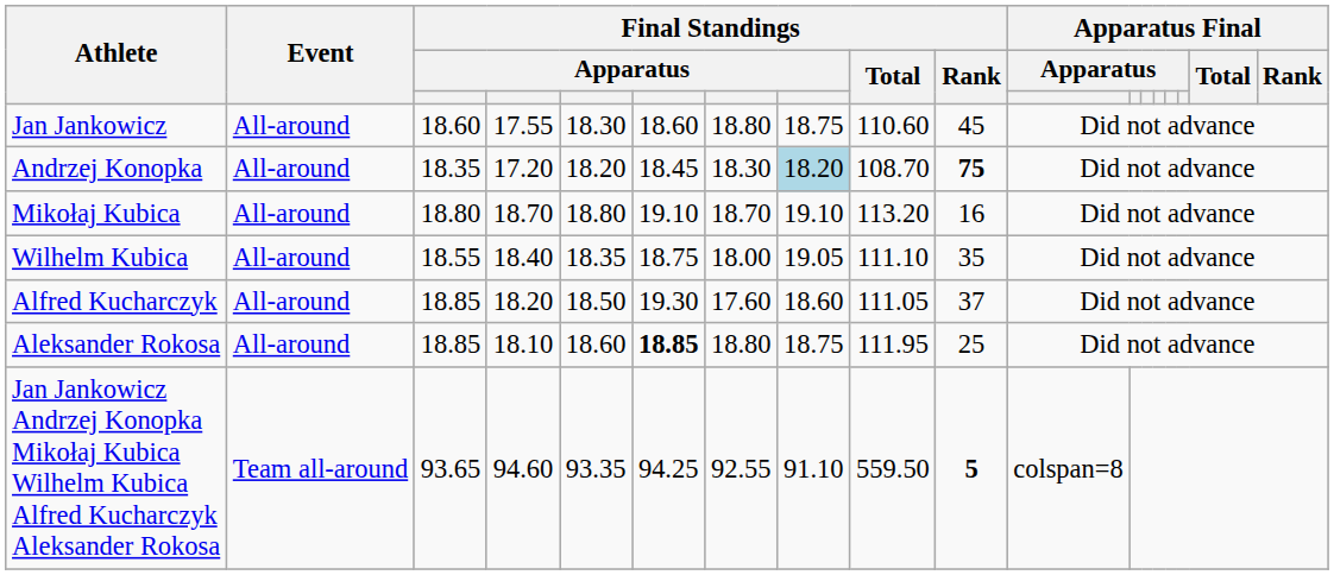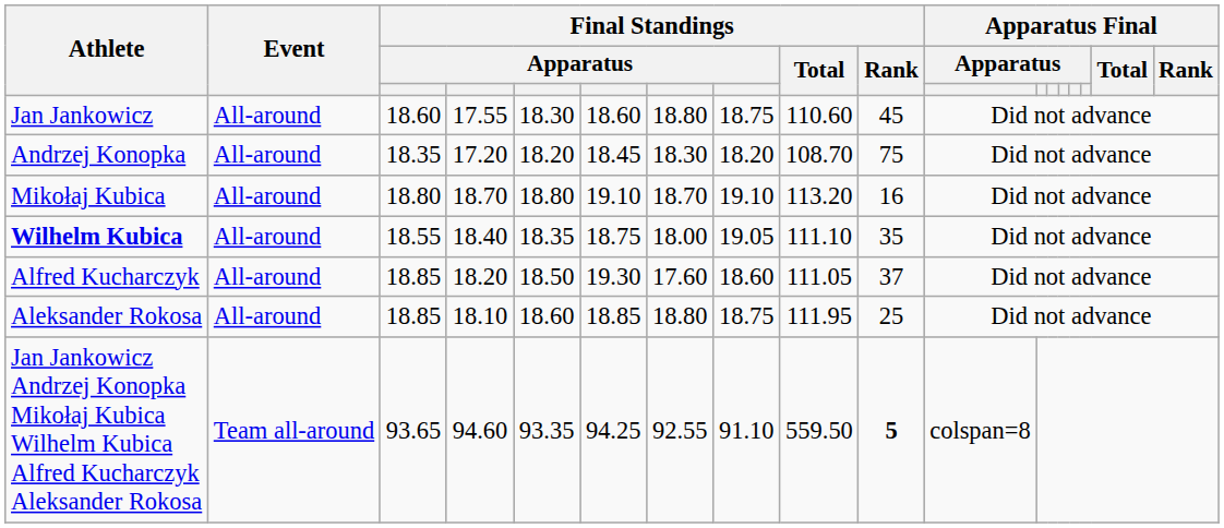 <table class="wikitable" style="font-size:90%">
 <tr>
 <th rowspan=3>Athlete</th>
 <th rowspan=3>Event</th>
 <th colspan =8>Final Standings</th>
 <th colspan =8>Apparatus Final</th>
 </tr>
 <tr style="font-size:95%">
 <th colspan=6>Apparatus</th>
 <th rowspan=2>Total</th>
 <th rowspan=2>Rank</th>
 <th colspan=6>Apparatus</th>
 <th rowspan=2>Total</th>
 <th rowspan=2>Rank</th>
 </tr>
 <tr style="font-size:95%">
 <th></th>
 <th></th>
 <th></th>
 <th></th>
 <th></th>
 <th></th>
 <th></th>
 <th></th>
 <th></th>
 <th></th>
 <th></th>
 <th></th>
 </tr>
 <tr align=center>
 <td align=left><a href='#'>Jan Jankowicz</a></td>
 <td align=left><a href='#'>All-around</a></td>
 <td>18.60</td>
 <td>17.55</td>
 <td>18.30</td>
 <td>18.60</td>
 <td>18.80</td>
 <td>18.75</td>
 <td>110.60</td>
 <td>45</td>
 <td colspan=8>Did not advance</td>
 </tr>
 <tr align=center>
 <td align=left><a href='#'>Andrzej Konopka</a></td>
 <td align=left><a href='#'>All-around</a></td>
 <td>18.35</td>
 <td>17.20</td>
 <td>18.20</td>
 <td>18.45</td>
 <td>18.30</td>
-<td style="background: lightblue;">18.20</td>
+<td>18.20</td>
 <td>108.70</td>
-<td><strong>75</strong></td>
+<td>75</td>
 <td colspan=8>Did not advance</td>
 </tr>
 <tr align=center>
 <td align=left><a href='#'>Mikołaj Kubica</a></td>
 <td align=left><a href='#'>All-around</a></td>
 <td>18.80</td>
 <td>18.70</td>
 <td>18.80</td>
 <td>19.10</td>
 <td>18.70</td>
 <td>19.10</td>
 <td>113.20</td>
 <td>16</td>
 <td colspan=8>Did not advance</td>
 </tr>
 <tr align=center>
-<td align=left><a href='#'>Wilhelm Kubica</a></td>
+<td align=left><strong><a href='#'>Wilhelm Kubica</a></strong></td>
 <td align=left><a href='#'>All-around</a></td>
 <td>18.55</td>
 <td>18.40</td>
 <td>18.35</td>
 <td>18.75</td>
 <td>18.00</td>
 <td>19.05</td>
 <td>111.10</td>
 <td>35</td>
 <td colspan=8>Did not advance</td>
 </tr>
 <tr align=center>
 <td align=left><a href='#'>Alfred Kucharczyk</a></td>
 <td align=left><a href='#'>All-around</a></td>
 <td>18.85</td>
 <td>18.20</td>
 <td>18.50</td>
 <td>19.30</td>
 <td>17.60</td>
 <td>18.60</td>
 <td>111.05</td>
 <td>37</td>
 <td colspan=8>Did not advance</td>
 </tr>
 <tr align=center>
 <td align=left><a href='#'>Aleksander Rokosa</a></td>
 <td align=left><a href='#'>All-around</a></td>
 <td>18.85</td>
 <td>18.10</td>
 <td>18.60</td>
-<td><strong>18.85</strong></td>
+<td>18.85</td>
 <td>18.80</td>
 <td>18.75</td>
 <td>111.95</td>
 <td>25</td>
 <td colspan=8>Did not advance</td>
 </tr>
 <tr align=center>
 <td align=left><a href='#'>Jan Jankowicz</a><br><a href='#'>Andrzej Konopka</a><br><a href='#'>Mikołaj Kubica</a><br><a href='#'>Wilhelm Kubica</a><br><a href='#'>Alfred Kucharczyk</a><br><a href='#'>Aleksander Rokosa</a></td>
 <td align=left><a href='#'>Team all-around</a></td>
 <td>93.65</td>
 <td>94.60</td>
 <td>93.35</td>
 <td>94.25</td>
 <td>92.55</td>
 <td>91.10</td>
 <td>559.50</td>
 <td><strong>5</strong></td>
 <td>colspan=8 </td>
 </tr>
 </table>
